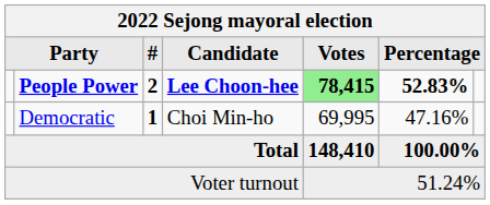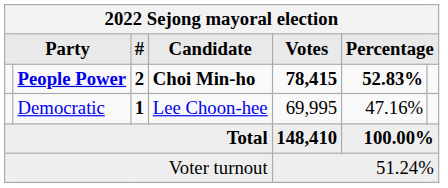 <table class="wikitable">
 <tr>
 <th colspan="7">2022 Sejong mayoral election</th>
 </tr>
 <tr>
 <th style="background-color:#E9E9E9" colspan=2>Party</th>
 <th style="background-color:#E9E9E9">#</th>
 <th style="background-color:#E9E9E9">Candidate</th>
 <th style="background-color:#E9E9E9">Votes</th>
 <th style="background-color:#E9E9E9" colspan=2>Percentage</th>
 </tr>
 <tr style="font-weight:bold">
 <td></td>
 <td align=left><a href='#'>People Power</a></td>
 <td align=center>2</td>
-<td align=left><a href='#'>Lee Choon-hee</a></td>
-<td align=right style="background: lightgreen;">78,415</td>
+<td align=left>Choi Min-ho</td>
+<td align=right>78,415</td>
 <td align=right>52.83%</td>
 <td align=right></td>
 </tr>
 <tr>
 <td></td>
 <td align=left><a href='#'>Democratic</a></td>
 <td align=center><strong>1</strong></td>
-<td align=left>Choi Min-ho</td>
+<td align=left><a href='#'>Lee Choon-hee</a></td>
 <td align=right>69,995</td>
 <td align=right>47.16%</td>
 <td align=right></td>
 </tr>
 <tr bgcolor="#EEEEEE" style="font-weight:bold">
 <td colspan="4" align=right>Total</td>
 <td align=right>148,410</td>
 <td align=right colspan=2>100.00%</td>
 </tr>
 <tr bgcolor="#EEEEEE">
 <td colspan="4" align="right">Voter turnout</td>
 <td colspan="3" align="right">51.24%</td>
 </tr>
 </table>
